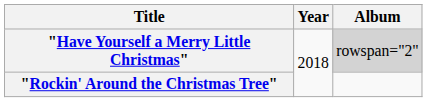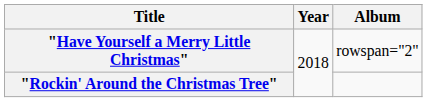 <table class="wikitable plainrowheaders" style="text-align:center;">
 <tr>
 <th scope="col" style="width:18em;">Title</th>
 <th scope="col" style="width:1em;">Year</th>
 <th scope="col">Album</th>
 </tr>
 <tr>
 <th scope="row">"<a href='#'>Have Yourself a Merry Little Christmas</a>"</th>
 <td rowspan="2">2018</td>
-<td style="background: lightgrey;">rowspan="2" </td>
+<td>rowspan="2" </td>
 </tr>
 <tr>
 <th scope="row">"<a href='#'>Rockin' Around the Christmas Tree</a>"</th>
 </tr>
 </table>
